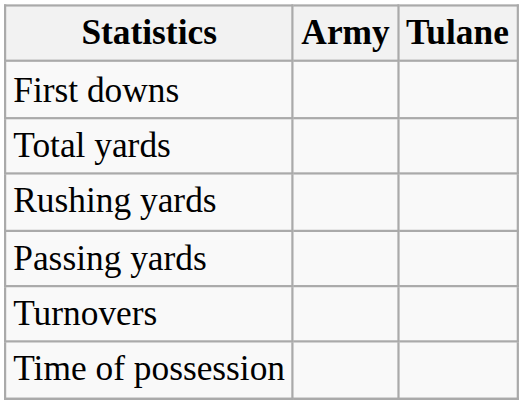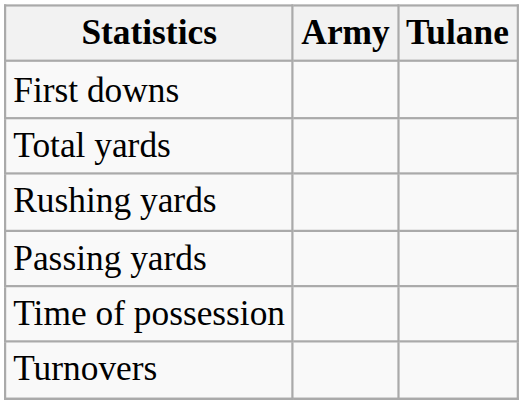 <table class="wikitable" style="float: left;">
 <tr>
 <th>Statistics</th>
 <th>Army</th>
 <th>Tulane</th>
 </tr>
 <tr>
 <td>First downs</td>
 <td></td>
 <td></td>
 </tr>
 <tr>
 <td>Total yards</td>
 <td></td>
 <td></td>
 </tr>
 <tr>
 <td>Rushing yards</td>
 <td></td>
 <td></td>
 </tr>
 <tr>
 <td>Passing yards</td>
 <td></td>
 <td></td>
 </tr>
 <tr>
-<td>Turnovers</td>
+<td>Time of possession</td>
 <td></td>
 <td></td>
 </tr>
 <tr>
-<td>Time of possession</td>
+<td>Turnovers</td>
 <td></td>
 <td></td>
 </tr>
 <tr>
 </tr>
 </table>
